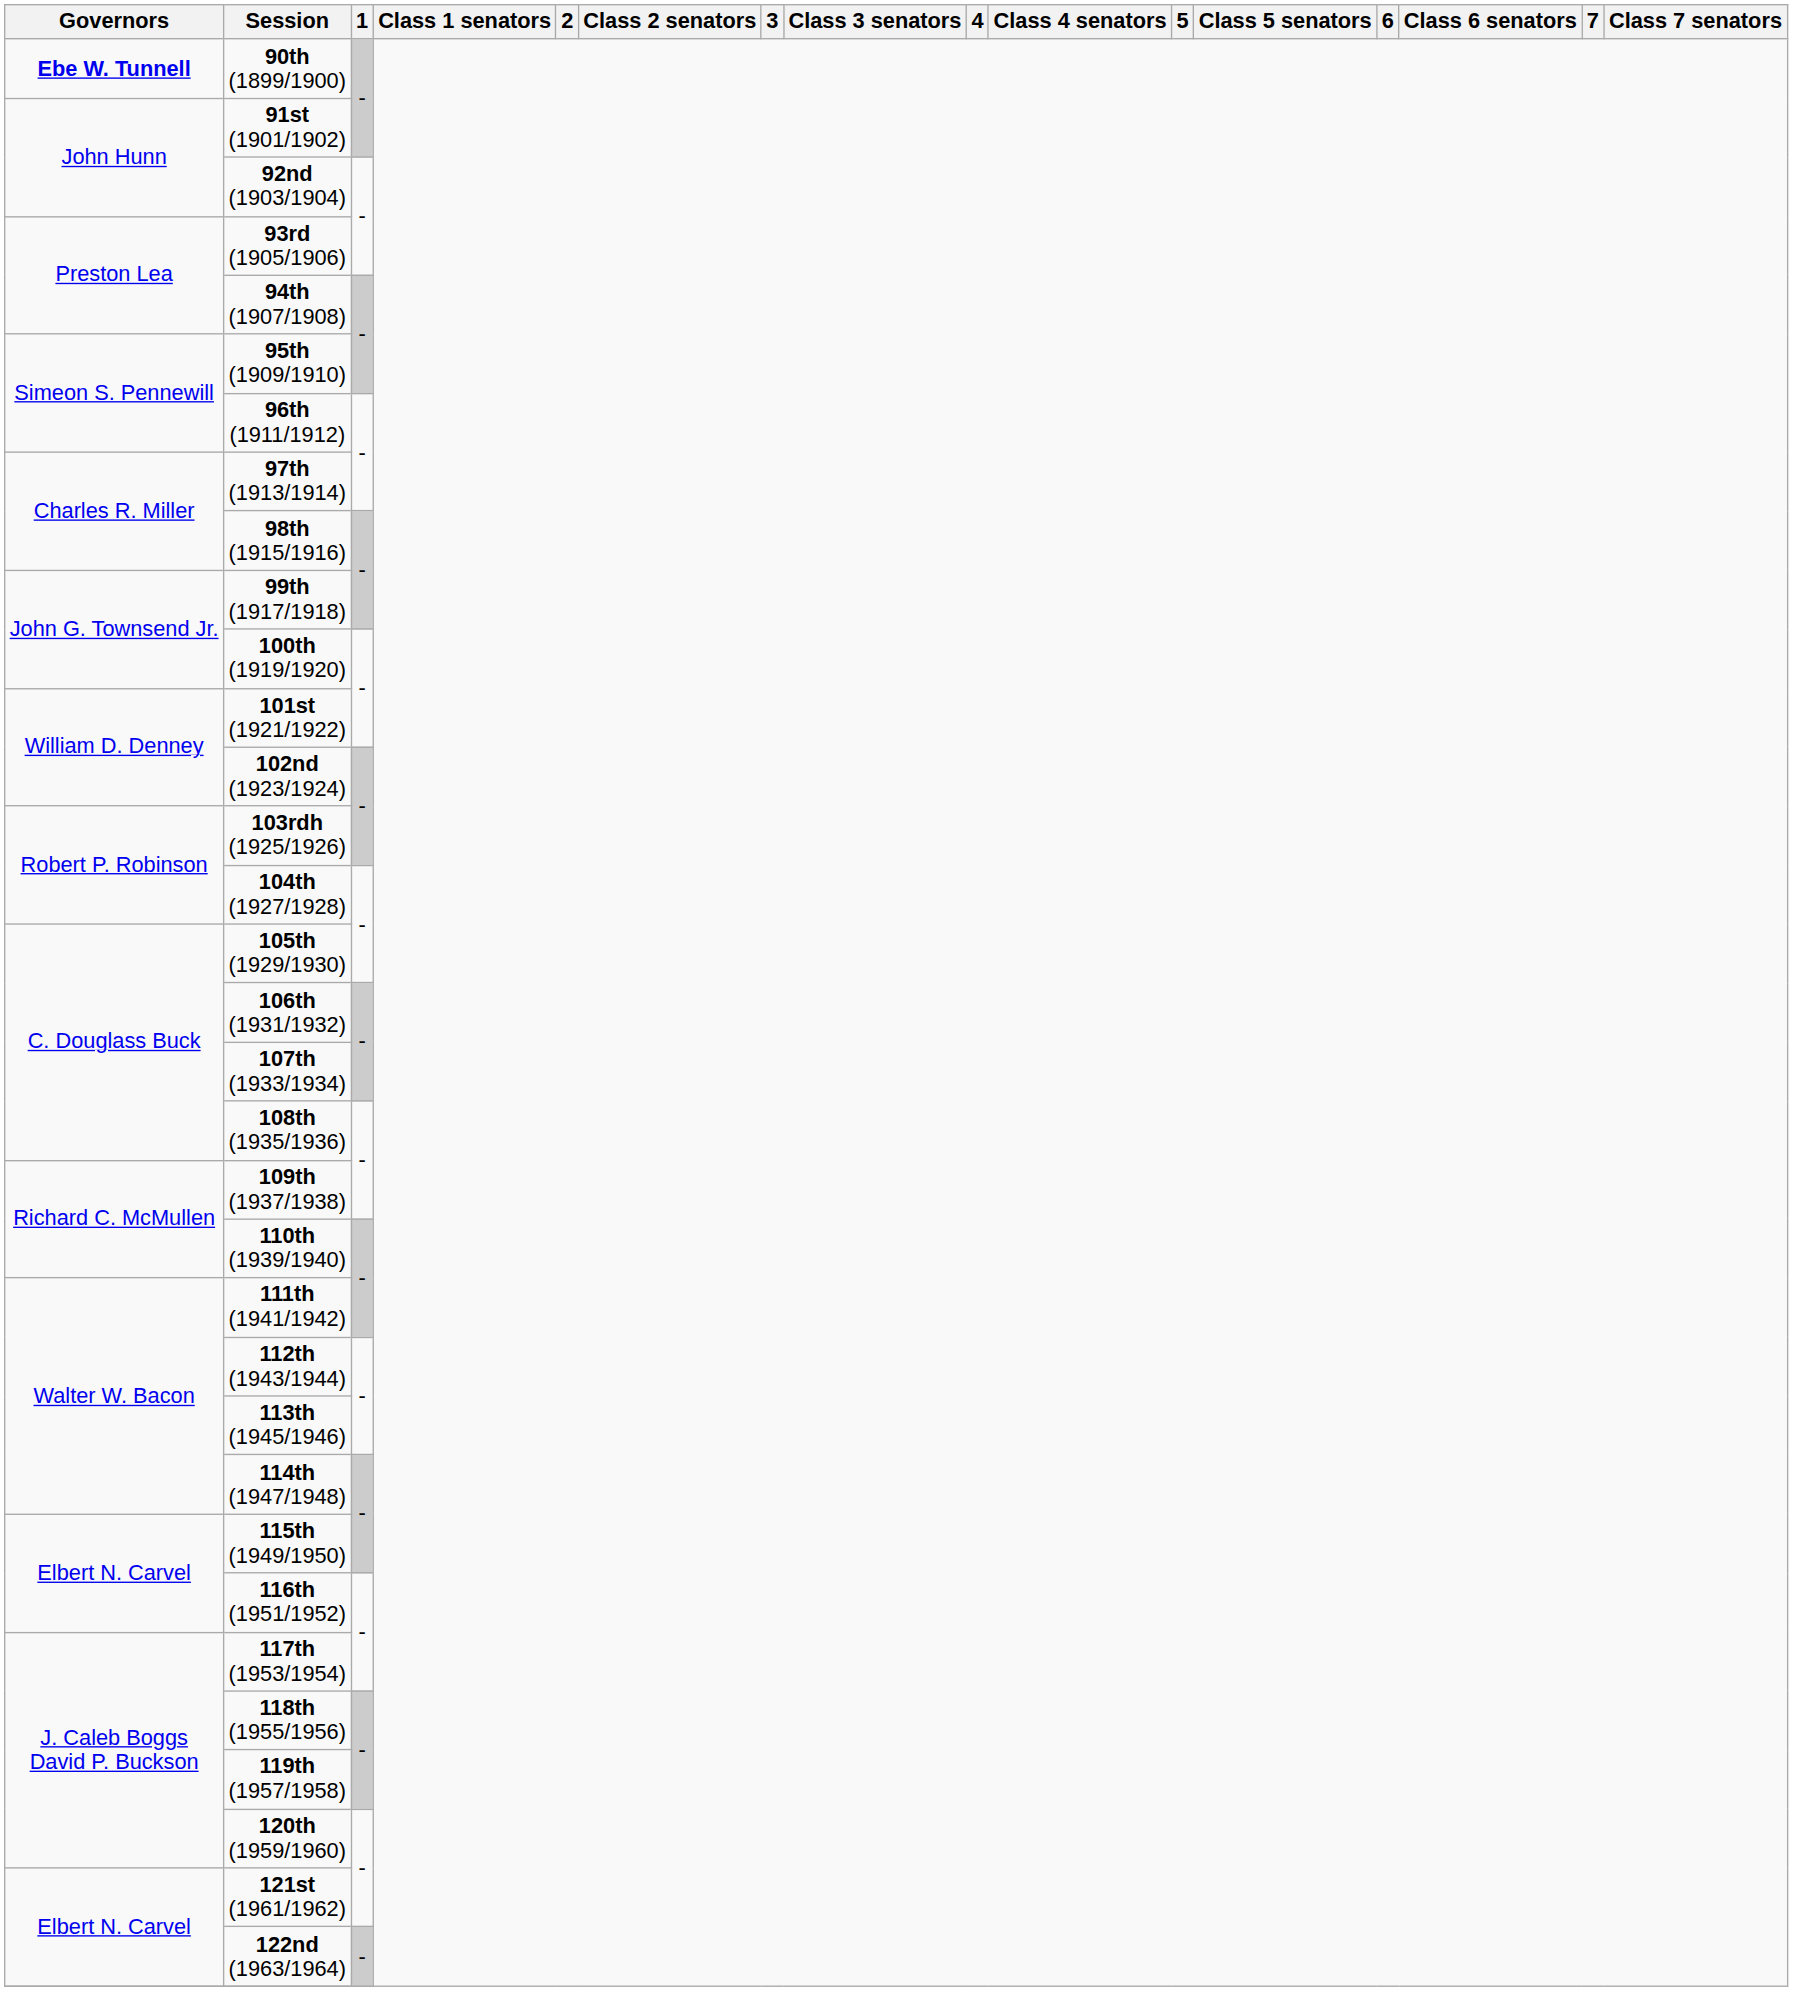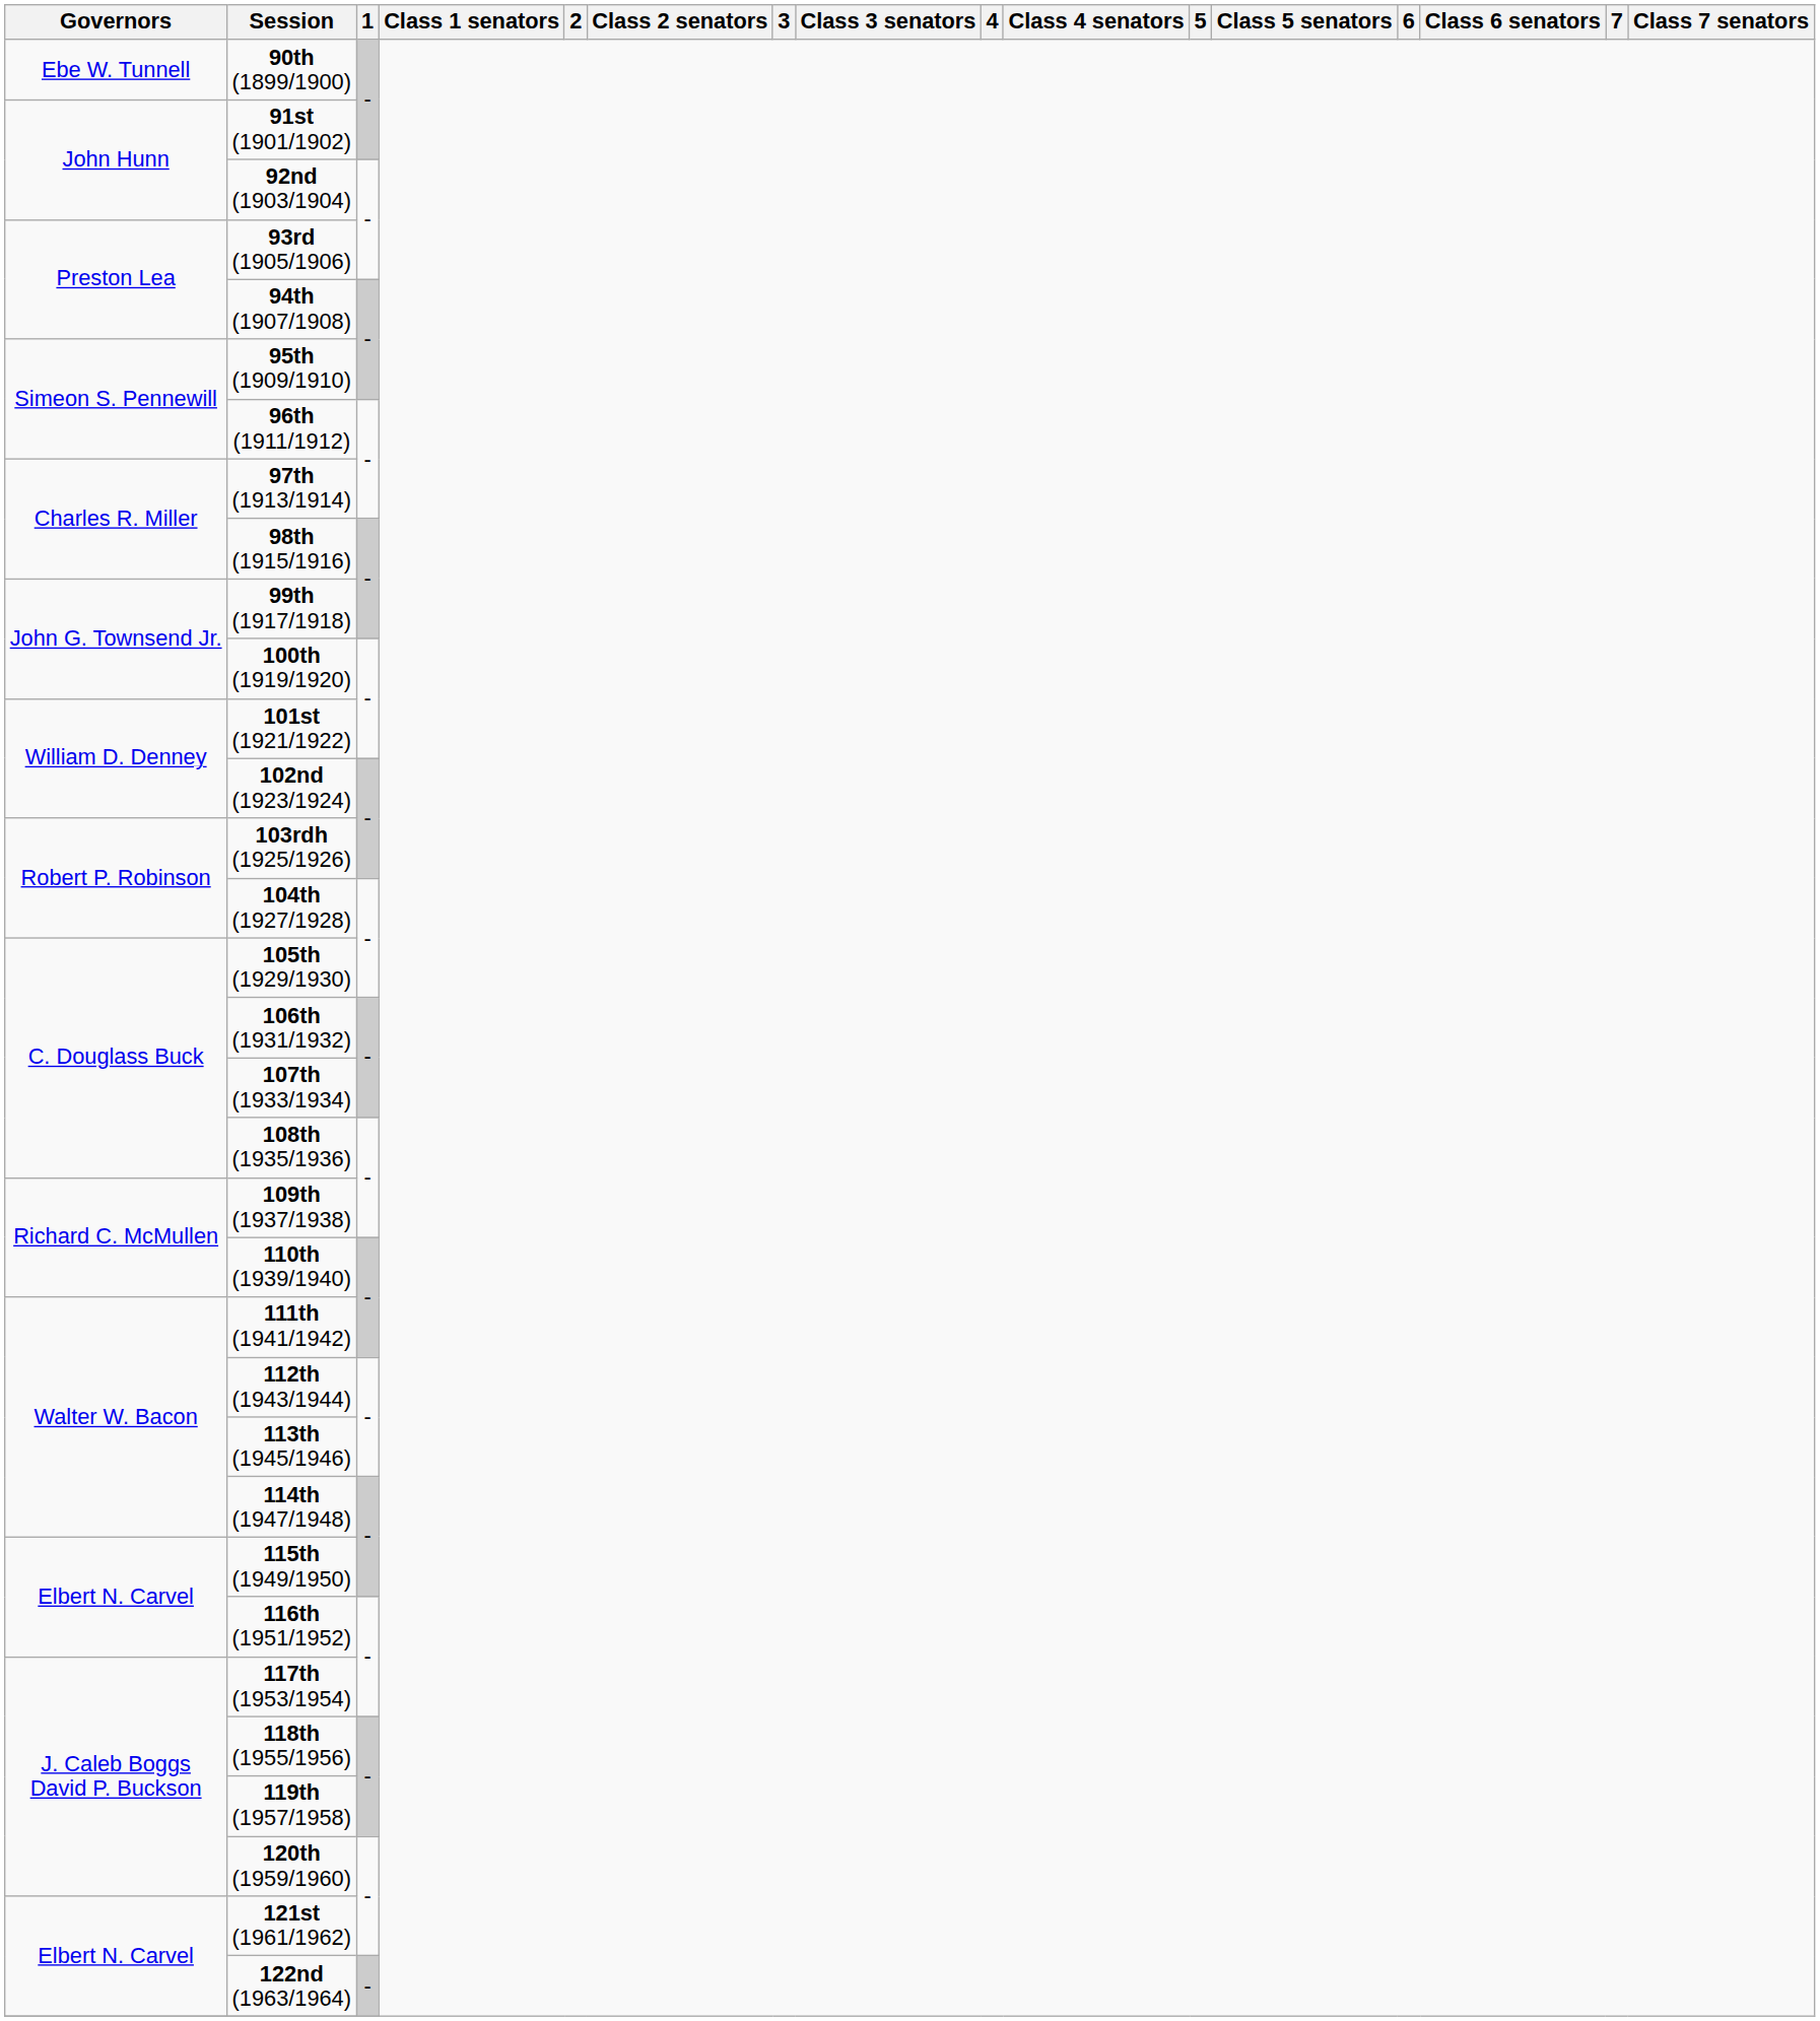 <table class="wikitable" align=center>
 <tr align=center>
 <th>Governors</th>
 <th>Session</th>
 <th>1</th>
 <th>Class 1 senators</th>
 <th>2</th>
 <th>Class 2 senators</th>
 <th>3</th>
 <th>Class 3 senators</th>
 <th>4</th>
 <th>Class 4 senators</th>
 <th>5</th>
 <th>Class 5 senators</th>
 <th>6</th>
 <th>Class 6 senators</th>
 <th>7</th>
 <th>Class 7 senators</th>
 </tr>
 <tr align=center>
-<td rowspan="1"><strong><a href='#'>Ebe W. Tunnell</a></strong></td>
+<td rowspan="1"><a href='#'>Ebe W. Tunnell</a></td>
 <td><strong>90th</strong><br>(1899/1900)</td>
 <td bgcolor=#CCCCCC rowspan="2">-</td>
 </tr>
 <tr align=center>
 <td rowspan="2"><a href='#'>John Hunn</a></td>
 <td><strong>91st</strong><br>(1901/1902)</td>
 </tr>
 <tr align=center>
 <td><strong>92nd</strong><br>(1903/1904)</td>
 <td rowspan="2">-</td>
 </tr>
 <tr align=center>
 <td rowspan="2"><a href='#'>Preston Lea</a></td>
 <td><strong>93rd</strong><br>(1905/1906)</td>
 </tr>
 <tr align=center>
 <td><strong>94th</strong><br>(1907/1908)</td>
 <td bgcolor=#CCCCCC rowspan="2">-</td>
 </tr>
 <tr align=center>
 <td rowspan="2"><a href='#'>Simeon S. Pennewill</a></td>
 <td><strong>95th</strong><br>(1909/1910)</td>
 </tr>
 <tr align=center>
 <td><strong>96th</strong><br>(1911/1912)</td>
 <td rowspan="2">-</td>
 </tr>
 <tr align=center>
 <td rowspan="2"><a href='#'>Charles R. Miller</a></td>
 <td><strong>97th</strong><br>(1913/1914)</td>
 </tr>
 <tr align=center>
 <td><strong>98th</strong><br>(1915/1916)</td>
 <td bgcolor=#CCCCCC rowspan="2">-</td>
 </tr>
 <tr align=center>
 <td rowspan="2"><a href='#'>John G. Townsend Jr.</a></td>
 <td><strong>99th</strong><br>(1917/1918)</td>
 </tr>
 <tr align=center>
 <td><strong>100th</strong><br>(1919/1920)</td>
 <td rowspan="2">-</td>
 </tr>
 <tr align=center>
 <td rowspan="2"><a href='#'>William D. Denney</a></td>
 <td><strong>101st</strong><br>(1921/1922)</td>
 </tr>
 <tr align=center>
 <td><strong>102nd</strong><br>(1923/1924)</td>
 <td bgcolor=#CCCCCC rowspan="2">-</td>
 </tr>
 <tr align=center>
 <td rowspan="2"><a href='#'>Robert P. Robinson</a></td>
 <td><strong>103rdh</strong><br>(1925/1926)</td>
 </tr>
 <tr align=center>
 <td><strong>104th</strong><br>(1927/1928)</td>
 <td rowspan="2">-</td>
 </tr>
 <tr align=center>
 <td rowspan="4"><a href='#'>C. Douglass Buck</a></td>
 <td><strong>105th</strong><br>(1929/1930)</td>
 </tr>
 <tr align=center>
 <td><strong>106th</strong><br>(1931/1932)</td>
 <td bgcolor=#CCCCCC rowspan="2">-</td>
 </tr>
 <tr align=center>
 <td><strong>107th</strong><br>(1933/1934)</td>
 </tr>
 <tr align=center>
 <td><strong>108th</strong><br>(1935/1936)</td>
 <td rowspan="2">-</td>
 </tr>
 <tr align=center>
 <td rowspan="2"><a href='#'>Richard C. McMullen</a></td>
 <td><strong>109th</strong><br>(1937/1938)</td>
 </tr>
 <tr align=center>
 <td><strong>110th</strong><br>(1939/1940)</td>
 <td bgcolor=#CCCCCC rowspan="2">-</td>
 </tr>
 <tr align=center>
 <td rowspan="4"><a href='#'>Walter W. Bacon</a></td>
 <td><strong>111th</strong><br>(1941/1942)</td>
 </tr>
 <tr align=center>
 <td><strong>112th</strong><br>(1943/1944)</td>
 <td rowspan="2">-</td>
 </tr>
 <tr align=center>
 <td><strong>113th</strong><br>(1945/1946)</td>
 </tr>
 <tr align=center>
 <td><strong>114th</strong><br>(1947/1948)</td>
 <td bgcolor=#CCCCCC rowspan="2">-</td>
 </tr>
 <tr align=center>
 <td rowspan="2"><a href='#'>Elbert N. Carvel</a></td>
 <td><strong>115th</strong><br>(1949/1950)</td>
 </tr>
 <tr align=center>
 <td><strong>116th</strong><br>(1951/1952)</td>
 <td rowspan="2">-</td>
 </tr>
 <tr align=center>
 <td rowspan="4"><a href='#'>J. Caleb Boggs</a><br> <a href='#'>David P. Buckson</a></td>
 <td><strong>117th</strong><br>(1953/1954)</td>
 </tr>
 <tr align=center>
 <td><strong>118th</strong><br>(1955/1956)</td>
 <td bgcolor=#CCCCCC rowspan="2">-</td>
 </tr>
 <tr align=center>
 <td><strong>119th</strong><br>(1957/1958)</td>
 </tr>
 <tr align=center>
 <td><strong>120th</strong><br>(1959/1960)</td>
 <td rowspan="2">-</td>
 </tr>
 <tr align=center>
 <td rowspan="2"><a href='#'>Elbert N. Carvel</a></td>
 <td><strong>121st</strong><br>(1961/1962)</td>
 </tr>
 <tr align=center>
 <td><strong>122nd</strong><br>(1963/1964)</td>
 <td bgcolor=#CCCCCC rowspan="1">-</td>
 </tr>
 <tr align=center>
 </tr>
 </table>
